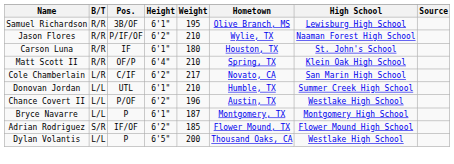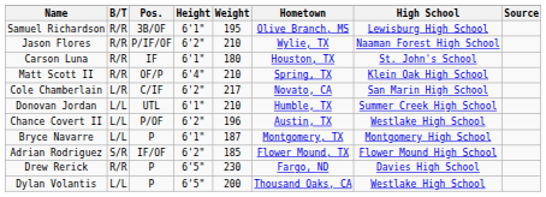 <table class="wikitable sortable collapsible">
 <tr>
 </tr>
 <tr>
 <th style="text-align:center; ">Name</th>
 <th style="text-align:center; ">B/T</th>
 <th style="text-align:center; ">Pos.</th>
 <th style="text-align:center; ">Height</th>
 <th style="text-align:center; ">Weight</th>
 <th style="text-align:center; ">Hometown</th>
 <th style="text-align:center; ">High School</th>
 <th style="text-align:center; ">Source</th>
 </tr>
 <tr align="center">
 <td>Samuel Richardson</td>
 <td>R/R</td>
 <td>3B/OF</td>
 <td>6'1"</td>
 <td>195</td>
 <td><a href='#'>Olive Branch, MS</a></td>
 <td><a href='#'>Lewisburg High School</a></td>
 <td></td>
 </tr>
 <tr align="center">
 <td>Jason Flores</td>
 <td>R/R</td>
 <td>P/IF/OF</td>
 <td>6'2"</td>
 <td>210</td>
 <td><a href='#'>Wylie, TX</a></td>
 <td><a href='#'>Naaman Forest High School</a></td>
 <td></td>
 </tr>
 <tr align="center">
 <td>Carson Luna</td>
 <td>R/R</td>
 <td>IF</td>
 <td>6'1"</td>
 <td>180</td>
 <td><a href='#'>Houston, TX</a></td>
 <td><a href='#'>St. John's School</a></td>
 <td></td>
 </tr>
 <tr align="center">
 <td>Matt Scott II</td>
 <td>R/R</td>
 <td>OF/P</td>
 <td>6'4"</td>
 <td>210</td>
 <td><a href='#'>Spring, TX</a></td>
 <td><a href='#'>Klein Oak High School</a></td>
 <td></td>
 </tr>
 <tr align="center">
 <td>Cole Chamberlain</td>
 <td>L/R</td>
 <td>C/IF</td>
 <td>6'2"</td>
 <td>217</td>
 <td><a href='#'>Novato, CA</a></td>
 <td><a href='#'>San Marin High School</a></td>
 <td></td>
 </tr>
 <tr align="center">
 <td>Donovan Jordan</td>
 <td>L/L</td>
 <td>UTL</td>
 <td>6'1"</td>
 <td>210</td>
 <td><a href='#'>Humble, TX</a></td>
 <td><a href='#'>Summer Creek High School</a></td>
 <td></td>
 </tr>
 <tr align="center">
 <td>Chance Covert II</td>
 <td>L/L</td>
 <td>P/OF</td>
 <td>6'2"</td>
 <td>196</td>
 <td><a href='#'>Austin, TX</a></td>
 <td><a href='#'>Westlake High School</a></td>
 <td></td>
 </tr>
 <tr align="center">
 <td>Bryce Navarre</td>
 <td>L/L</td>
 <td>P</td>
 <td>6'1"</td>
 <td>187</td>
 <td><a href='#'>Montgomery, TX</a></td>
 <td><a href='#'>Montgomery High School</a></td>
 <td></td>
 </tr>
 <tr align="center">
 <td>Adrian Rodriguez</td>
 <td>S/R</td>
 <td>IF/OF</td>
 <td>6'2"</td>
 <td>185</td>
 <td><a href='#'>Flower Mound, TX</a></td>
 <td><a href='#'>Flower Mound High School</a></td>
 <td></td>
 </tr>
 <tr align="center">
+<td>Drew Rerick</td>
+<td>R/R</td>
+<td>P</td>
+<td>6'5"</td>
+<td>230</td>
+<td><a href='#'>Fargo, ND</a></td>
+<td><a href='#'>Davies High School</a></td>
+<td></td>
+</tr>
+<tr align="center">
 <td>Dylan Volantis</td>
 <td>L/L</td>
 <td>P</td>
 <td>6'5"</td>
 <td>200</td>
 <td><a href='#'>Thousand Oaks, CA</a></td>
 <td><a href='#'>Westlake High School</a></td>
 <td></td>
 </tr>
 </table>
